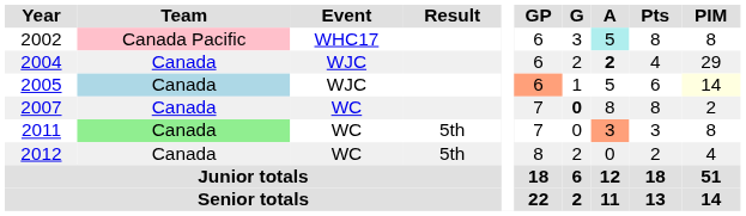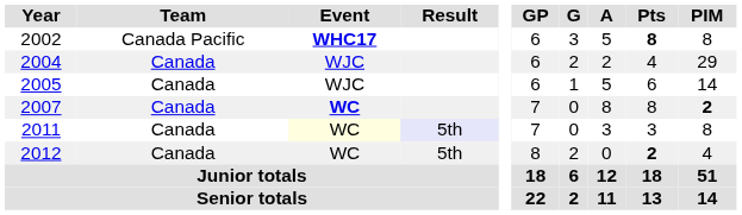 <table border="0" cellpadding="1" cellspacing="0" style="text-align:center; width:40em">
 <tr bgcolor="#e0e0e0">
 <th>Year</th>
 <th>Team</th>
 <th>Event</th>
 <th>Result</th>
 <th rowspan="99" bgcolor="#fff"> </th>
 <th>GP</th>
 <th>G</th>
 <th>A</th>
 <th>Pts</th>
 <th>PIM</th>
 </tr>
 <tr>
 <td>2002</td>
-<td style="background: pink;">Canada Pacific</td>
-<td><a href='#'>WHC17</a></td>
+<td>Canada Pacific</td>
+<td><strong><a href='#'>WHC17</a></strong></td>
 <td></td>
 <td>6</td>
 <td>3</td>
-<td style="background: paleturquoise;">5</td>
-<td>8</td>
+<td>5</td>
+<td><strong>8</strong></td>
 <td>8</td>
 </tr>
 <tr bgcolor="#f0f0f0">
 <td><a href='#'>2004</a></td>
 <td><a href='#'>Canada</a></td>
 <td><a href='#'>WJC</a></td>
 <td></td>
 <td>6</td>
 <td>2</td>
-<td><strong>2</strong></td>
+<td>2</td>
 <td>4</td>
 <td>29</td>
 </tr>
 <tr>
 <td><a href='#'>2005</a></td>
-<td style="background: lightblue;">Canada</td>
+<td>Canada</td>
 <td>WJC</td>
 <td></td>
-<td style="background: lightsalmon;">6</td>
+<td>6</td>
 <td>1</td>
 <td>5</td>
 <td>6</td>
-<td style="background: lightyellow;">14</td>
+<td>14</td>
 </tr>
 <tr bgcolor="#f0f0f0">
 <td><a href='#'>2007</a></td>
 <td><a href='#'>Canada</a></td>
-<td><a href='#'>WC</a></td>
+<td><strong><a href='#'>WC</a></strong></td>
 <td></td>
 <td>7</td>
-<td><strong>0</strong></td>
+<td>0</td>
 <td>8</td>
 <td>8</td>
-<td>2</td>
+<td><strong>2</strong></td>
 </tr>
 <tr>
 <td><a href='#'>2011</a></td>
-<td style="background: lightgreen;">Canada</td>
-<td>WC</td>
-<td>5th</td>
+<td>Canada</td>
+<td style="background: lightyellow;">WC</td>
+<td style="background: lavender;">5th</td>
 <td>7</td>
 <td>0</td>
-<td style="background: lightsalmon;">3</td>
+<td>3</td>
 <td>3</td>
 <td>8</td>
 </tr>
 <tr bgcolor="#f0f0f0">
 <td><a href='#'>2012</a></td>
 <td>Canada</td>
 <td>WC</td>
 <td>5th</td>
 <td>8</td>
 <td>2</td>
 <td>0</td>
-<td>2</td>
+<td><strong>2</strong></td>
 <td>4</td>
 </tr>
 <tr bgcolor="#e0e0e0">
 <th colspan="4">Junior totals</th>
 <th>18</th>
 <th>6</th>
 <th>12</th>
 <th>18</th>
 <th>51</th>
 </tr>
 <tr bgcolor="#e0e0e0">
 <th colspan="4">Senior totals</th>
 <th>22</th>
 <th>2</th>
 <th>11</th>
 <th>13</th>
 <th>14</th>
 </tr>
 </table>
